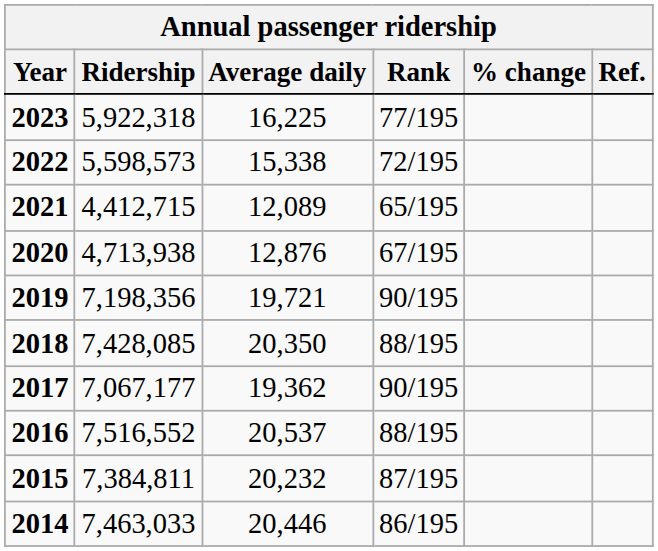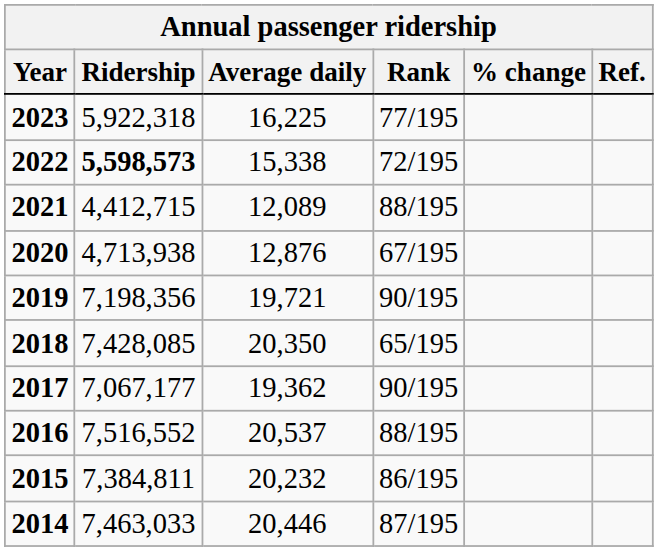 <table class="wikitable sortable" style="text-align:right;">
 <tr>
 <th colspan="6" style="background-color:#">Annual passenger ridership</th>
 </tr>
 <tr style="font-size:95%; text-align:center">
 <th style="border-bottom:1px solid black">Year</th>
 <th style="border-bottom:1px solid black">Ridership</th>
 <th style="border-bottom:1px solid black">Average daily</th>
 <th style="border-bottom:1px solid black">Rank</th>
 <th style="border-bottom:1px solid black">% change</th>
 <th style="border-bottom:1px solid black">Ref.</th>
 </tr>
 <tr style="text-align:center;">
 <td><strong>2023</strong></td>
 <td>5,922,318</td>
 <td>16,225</td>
 <td>77/195</td>
 <td></td>
 <td></td>
 </tr>
 <tr style="text-align:center;">
 <td><strong>2022</strong></td>
-<td>5,598,573</td>
+<td><strong>5,598,573</strong></td>
 <td>15,338</td>
 <td>72/195</td>
 <td></td>
 <td></td>
 </tr>
 <tr style="text-align:center;">
 <td><strong>2021</strong></td>
 <td>4,412,715</td>
 <td>12,089</td>
-<td>65/195</td>
+<td>88/195</td>
 <td></td>
 <td></td>
 </tr>
 <tr style="text-align:center;">
 <td><strong>2020</strong></td>
 <td>4,713,938</td>
 <td>12,876</td>
 <td>67/195</td>
 <td></td>
 <td></td>
 </tr>
 <tr style="text-align:center;">
 <td><strong>2019</strong></td>
 <td>7,198,356</td>
 <td>19,721</td>
 <td>90/195</td>
 <td></td>
 <td></td>
 </tr>
 <tr style="text-align:center;">
 <td><strong>2018</strong></td>
 <td>7,428,085</td>
 <td>20,350</td>
-<td>88/195</td>
+<td>65/195</td>
 <td></td>
 <td></td>
 </tr>
 <tr style="text-align:center;">
 <td><strong>2017</strong></td>
 <td>7,067,177</td>
 <td>19,362</td>
 <td>90/195</td>
 <td></td>
 <td></td>
 </tr>
 <tr style="text-align:center;">
 <td><strong>2016</strong></td>
 <td>7,516,552</td>
 <td>20,537</td>
 <td>88/195</td>
 <td></td>
 <td></td>
 </tr>
 <tr style="text-align:center;">
 <td><strong>2015</strong></td>
 <td>7,384,811</td>
 <td>20,232</td>
-<td>87/195</td>
+<td>86/195</td>
 <td></td>
 <td></td>
 </tr>
 <tr style="text-align:center;">
 <td><strong>2014</strong></td>
 <td>7,463,033</td>
 <td>20,446</td>
-<td>86/195</td>
+<td>87/195</td>
 <td></td>
 <td></td>
 </tr>
 </table>
